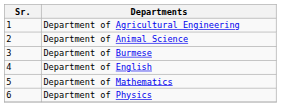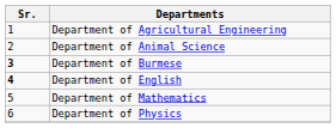 <table class="wikitable">
 <tr>
 <th width="50">Sr.</th>
 <th width="350">Departments</th>
 </tr>
 <tr>
 <td>1</td>
 <td>Department of <a href='#'>Agricultural Engineering</a></td>
 </tr>
 <tr>
 <td>2</td>
 <td>Department of <a href='#'>Animal Science</a></td>
 </tr>
 <tr>
-<td>3</td>
+<td><strong>3</strong></td>
 <td>Department of <a href='#'>Burmese</a></td>
 </tr>
 <tr>
-<td>4</td>
+<td><strong>4</strong></td>
 <td>Department of <a href='#'>English</a></td>
 </tr>
 <tr>
 <td>5</td>
 <td>Department of <a href='#'>Mathematics</a></td>
 </tr>
 <tr>
 <td>6</td>
 <td>Department of <a href='#'>Physics</a></td>
 </tr>
 <tr>
 </tr>
 </table>
